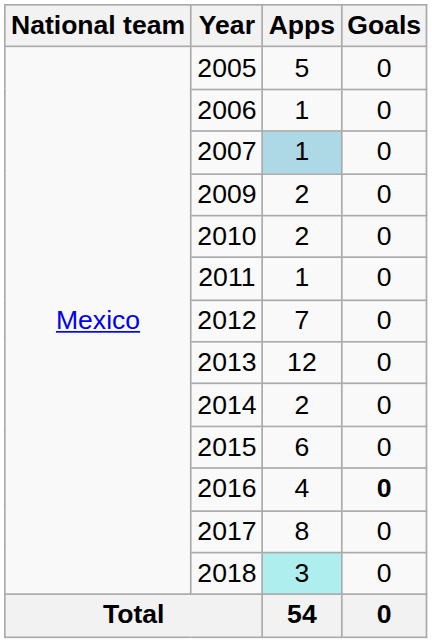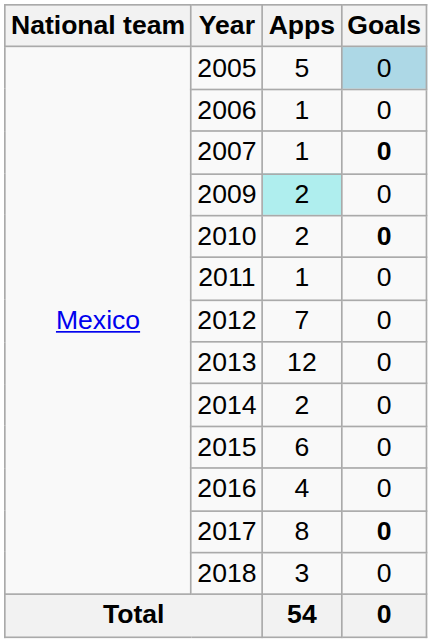 <table class="wikitable" style="text-align:center">
 <tr>
 <th>National team</th>
 <th>Year</th>
 <th>Apps</th>
 <th>Goals</th>
 </tr>
 <tr>
 <td rowspan="13"><a href='#'>Mexico</a></td>
 <td>2005</td>
 <td>5</td>
-<td>0</td>
+<td style="background: lightblue;">0</td>
 </tr>
 <tr>
 <td>2006</td>
 <td>1</td>
 <td>0</td>
 </tr>
 <tr>
 <td>2007</td>
-<td style="background: lightblue;">1</td>
-<td>0</td>
+<td>1</td>
+<td><strong>0</strong></td>
 </tr>
 <tr>
 <td>2009</td>
-<td>2</td>
+<td style="background: paleturquoise;">2</td>
 <td>0</td>
 </tr>
 <tr>
 <td>2010</td>
 <td>2</td>
-<td>0</td>
+<td><strong>0</strong></td>
 </tr>
 <tr>
 <td>2011</td>
 <td>1</td>
 <td>0</td>
 </tr>
 <tr>
 <td>2012</td>
 <td>7</td>
 <td>0</td>
 </tr>
 <tr>
 <td>2013</td>
 <td>12</td>
 <td>0</td>
 </tr>
 <tr>
 <td>2014</td>
 <td>2</td>
 <td>0</td>
 </tr>
 <tr>
 <td>2015</td>
 <td>6</td>
 <td>0</td>
 </tr>
 <tr>
 <td>2016</td>
 <td>4</td>
-<td><strong>0</strong></td>
+<td>0</td>
 </tr>
 <tr>
 <td>2017</td>
 <td>8</td>
-<td>0</td>
+<td><strong>0</strong></td>
 </tr>
 <tr>
 <td>2018</td>
-<td style="background: paleturquoise;">3</td>
+<td>3</td>
 <td>0</td>
 </tr>
 <tr>
 <th colspan="2">Total</th>
 <th>54</th>
 <th>0</th>
 </tr>
 </table>
